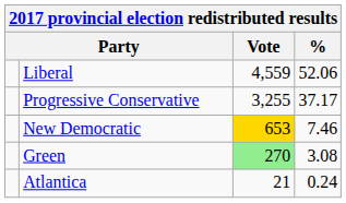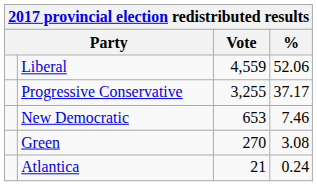 <table class="wikitable">
 <tr>
 <th colspan="4"><a href='#'>2017 provincial election</a> redistributed results</th>
 </tr>
 <tr>
 <th bgcolor="#DDDDFF" width="130px" colspan="2">Party</th>
 <th bgcolor="#DDDDFF" width="50px">Vote</th>
 <th bgcolor="#DDDDFF" width="30px">%</th>
 </tr>
 <tr>
 <td> </td>
 <td><a href='#'>Liberal</a></td>
 <td align=right>4,559</td>
 <td align=right>52.06</td>
 </tr>
 <tr>
 <td> </td>
 <td><a href='#'>Progressive Conservative</a></td>
 <td align=right>3,255</td>
 <td align=right>37.17</td>
 </tr>
 <tr>
 <td> </td>
 <td><a href='#'>New Democratic</a></td>
-<td align=right style="background: gold;">653</td>
+<td align=right>653</td>
 <td align=right>7.46</td>
 </tr>
 <tr>
 <td> </td>
 <td><a href='#'>Green</a></td>
-<td align=right style="background: lightgreen;">270</td>
+<td align=right>270</td>
 <td align=right>3.08</td>
 </tr>
 <tr>
 <td> </td>
 <td><a href='#'>Atlantica</a></td>
 <td align=right>21</td>
 <td align=right>0.24</td>
 </tr>
 </table>
